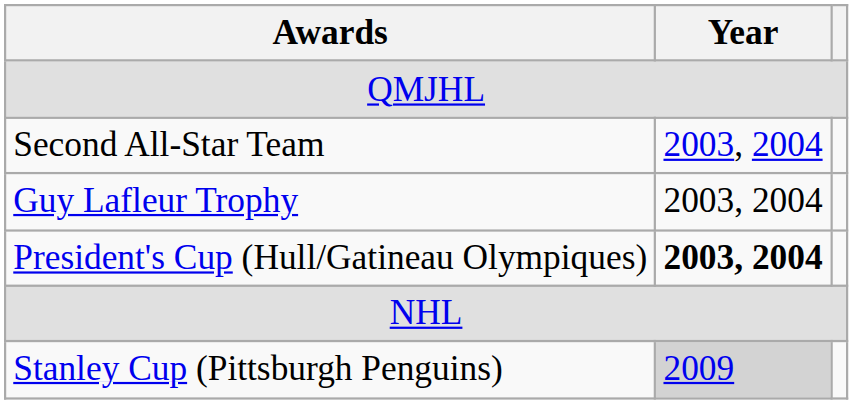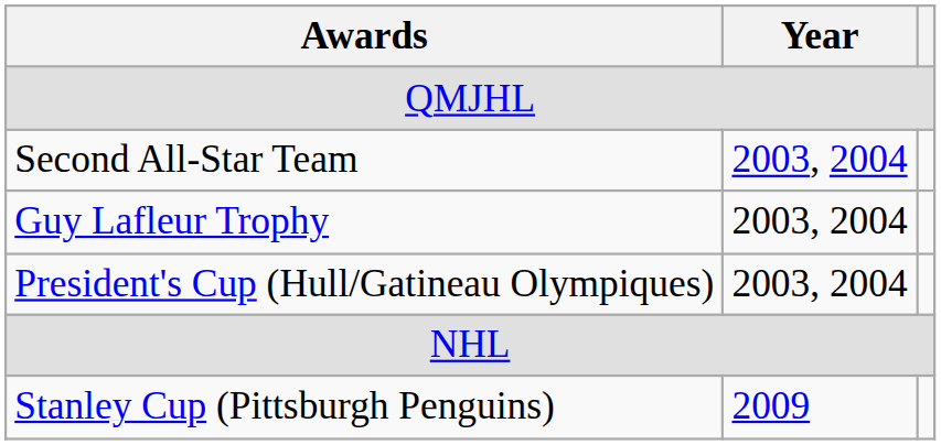 <table class="wikitable">
 <tr>
 <th>Awards</th>
 <th>Year</th>
 <th></th>
 </tr>
 <tr ALIGN="center" bgcolor="#e0e0e0">
 <td colspan="3"><a href='#'>QMJHL</a></td>
 </tr>
 <tr>
 <td>Second All-Star Team</td>
 <td><a href='#'>2003</a>, <a href='#'>2004</a></td>
 <td></td>
 </tr>
 <tr>
 <td><a href='#'>Guy Lafleur Trophy</a></td>
 <td>2003, 2004</td>
 <td></td>
 </tr>
 <tr>
 <td><a href='#'>President's Cup</a> (Hull/Gatineau Olympiques)</td>
-<td><strong>2003, 2004</strong></td>
+<td>2003, 2004</td>
 <td></td>
 </tr>
 <tr ALIGN="center" bgcolor="#e0e0e0">
 <td colspan="3"><a href='#'>NHL</a></td>
 </tr>
 <tr>
 <td><a href='#'>Stanley Cup</a> (Pittsburgh Penguins)</td>
-<td style="background: lightgrey;"><a href='#'>2009</a></td>
+<td><a href='#'>2009</a></td>
 <td></td>
 </tr>
 </table>
